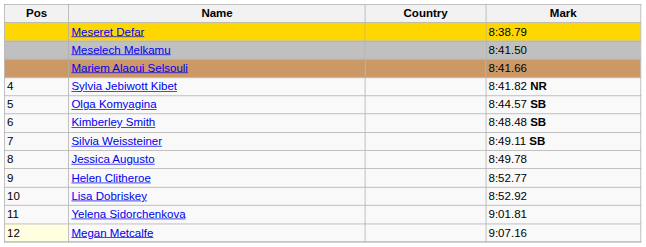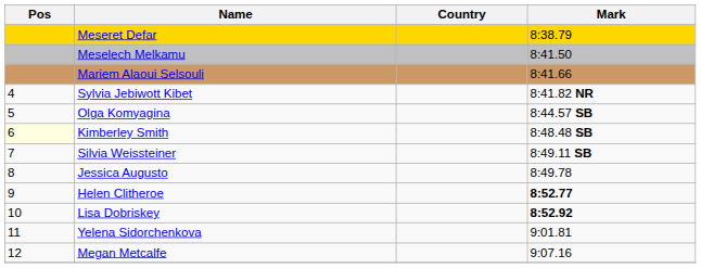 <table class="wikitable" width=70%>
 <tr>
 <th>Pos</th>
 <th>Name</th>
 <th>Country</th>
 <th>Mark</th>
 </tr>
 <tr bgcolor=gold>
 <td></td>
 <td><a href='#'>Meseret Defar</a></td>
 <td></td>
 <td>8:38.79</td>
 </tr>
 <tr bgcolor=silver>
 <td></td>
 <td><a href='#'>Meselech Melkamu</a></td>
 <td></td>
 <td>8:41.50</td>
 </tr>
 <tr bgcolor=cc9966>
 <td></td>
 <td><a href='#'>Mariem Alaoui Selsouli</a></td>
 <td></td>
 <td>8:41.66</td>
 </tr>
 <tr>
 <td>4</td>
 <td><a href='#'>Sylvia Jebiwott Kibet</a></td>
 <td></td>
 <td>8:41.82 <strong>NR</strong></td>
 </tr>
 <tr>
 <td>5</td>
 <td><a href='#'>Olga Komyagina</a></td>
 <td></td>
 <td>8:44.57 <strong>SB</strong></td>
 </tr>
 <tr>
-<td>6</td>
+<td style="background: lightyellow;">6</td>
 <td><a href='#'>Kimberley Smith</a></td>
 <td></td>
 <td>8:48.48 <strong>SB</strong></td>
 </tr>
 <tr>
 <td>7</td>
 <td><a href='#'>Silvia Weissteiner</a></td>
 <td></td>
 <td>8:49.11 <strong>SB</strong></td>
 </tr>
 <tr>
 <td>8</td>
 <td><a href='#'>Jessica Augusto</a></td>
 <td></td>
 <td>8:49.78</td>
 </tr>
 <tr>
 <td>9</td>
 <td><a href='#'>Helen Clitheroe</a></td>
 <td></td>
-<td>8:52.77</td>
+<td><strong>8:52.77</strong></td>
 </tr>
 <tr>
 <td>10</td>
 <td><a href='#'>Lisa Dobriskey</a></td>
 <td></td>
-<td>8:52.92</td>
+<td><strong>8:52.92</strong></td>
 </tr>
 <tr>
 <td>11</td>
 <td><a href='#'>Yelena Sidorchenkova</a></td>
 <td></td>
 <td>9:01.81</td>
 </tr>
 <tr>
-<td style="background: lightyellow;">12</td>
+<td>12</td>
 <td><a href='#'>Megan Metcalfe</a></td>
 <td></td>
 <td>9:07.16</td>
 </tr>
 <tr>
 </tr>
 </table>
